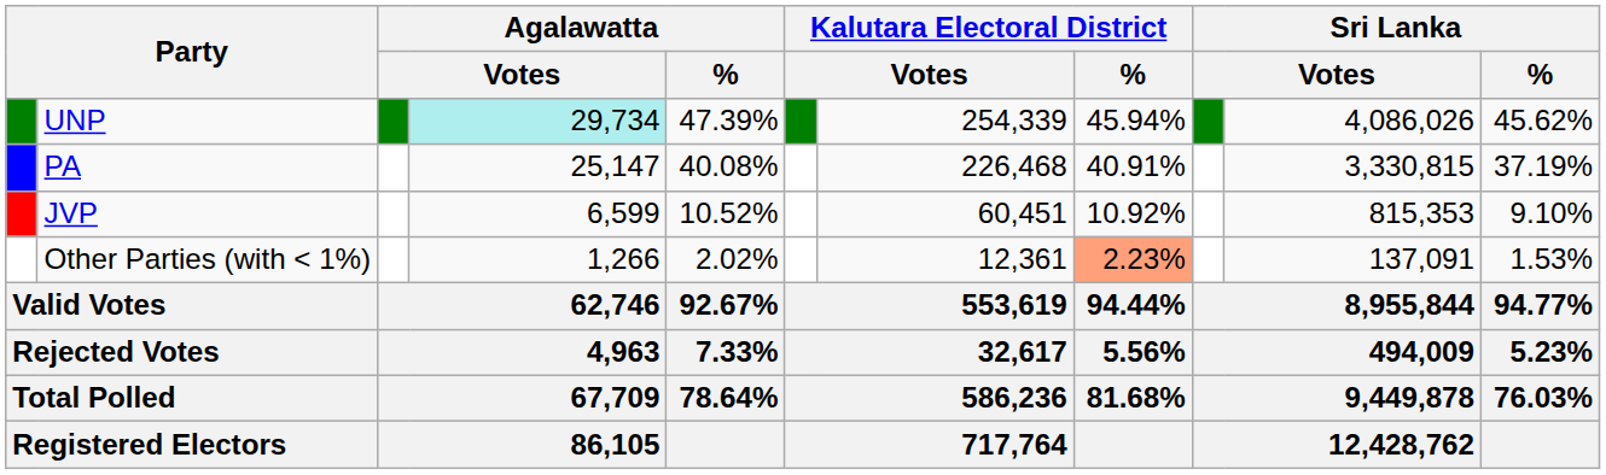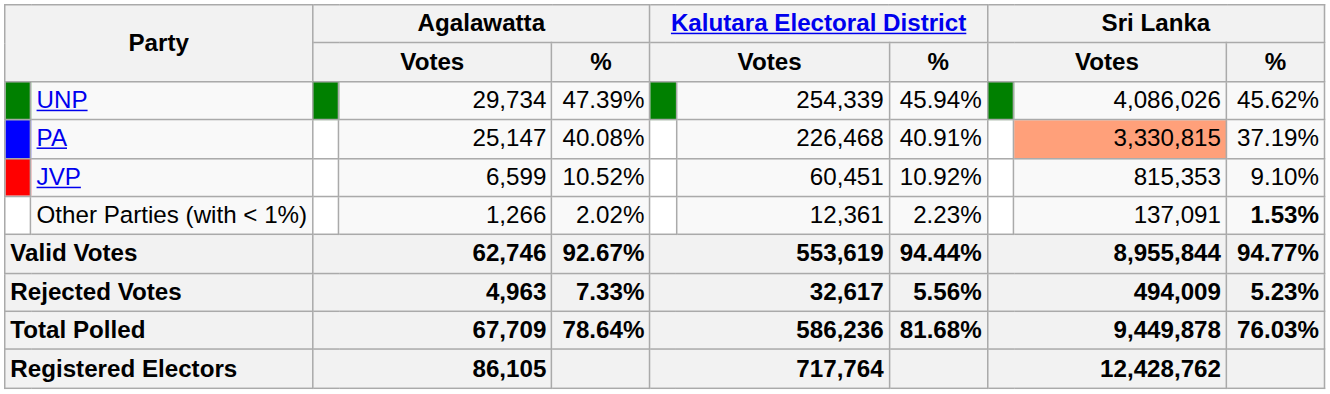 <table class="wikitable">
 <tr>
 <th colspan="2" width="144px"rowspan="2">Party</th>
 <th colspan="3" width="216px">Agalawatta</th>
 <th colspan="3" width="216px"><a href='#'>Kalutara Electoral District</a></th>
 <th colspan="3" width="216px">Sri Lanka</th>
 </tr>
 <tr>
 <th colspan="2" width="144px">Votes</th>
 <th>%</th>
 <th colspan="2" width="144px">Votes</th>
 <th>%</th>
 <th colspan="2" width="144px">Votes</th>
 <th>%</th>
 </tr>
 <tr>
 <td style="background-color:green;" width="10px"></td>
 <td style="text-align:left;"><a href='#'>UNP</a></td>
 <td style="background-color:green;" width="10px"></td>
-<td style="background: paleturquoise; text-align:right;">29,734</td>
+<td style="text-align:right;">29,734</td>
 <td style="text-align:right;">47.39%</td>
 <td style="background-color:green;" width="10px"></td>
 <td style="text-align:right;">254,339</td>
 <td style="text-align:right;">45.94%</td>
 <td style="background-color:green;" width="10px"></td>
 <td style="text-align:right;">4,086,026</td>
 <td style="text-align:right;">45.62%</td>
 </tr>
 <tr>
 <td style="background-color:blue;" width="10px"></td>
 <td style="text-align:left;"><a href='#'>PA</a></td>
 <td style="background-color:white;" width="10px"></td>
 <td style="text-align:right;">25,147</td>
 <td style="text-align:right;">40.08%</td>
 <td style="background-color:white;" width="10px"></td>
 <td style="text-align:right;">226,468</td>
 <td style="text-align:right;">40.91%</td>
 <td style="background-color:white;" width="10px"></td>
-<td style="text-align:right;">3,330,815</td>
+<td style="background: lightsalmon; text-align:right;">3,330,815</td>
 <td style="text-align:right;">37.19%</td>
 </tr>
 <tr>
 <td style="background-color:red;" width="10px"></td>
 <td style="text-align:left;"><a href='#'>JVP</a></td>
 <td style="background-color:white;" width="10px"></td>
 <td style="text-align:right;">6,599</td>
 <td style="text-align:right;">10.52%</td>
 <td style="background-color:white;" width="10px"></td>
 <td style="text-align:right;">60,451</td>
 <td style="text-align:right;">10.92%</td>
 <td style="background-color:white;" width="10px"></td>
 <td style="text-align:right;">815,353</td>
 <td style="text-align:right;">9.10%</td>
 </tr>
 <tr>
 <td style="background-color:white;" width="10px"></td>
 <td style="text-align:left;">Other Parties (with < 1%)</td>
 <td style="background-color:white;" width="10px"></td>
 <td style="text-align:right;">1,266</td>
 <td style="text-align:right;">2.02%</td>
 <td style="background-color:white;" width="10px"></td>
 <td style="text-align:right;">12,361</td>
-<td style="background: lightsalmon; text-align:right;">2.23%</td>
+<td style="text-align:right;">2.23%</td>
 <td style="background-color:white;" width="10px"></td>
 <td style="text-align:right;">137,091</td>
-<td style="text-align:right;">1.53%</td>
+<td style="text-align:right;"><strong>1.53%</strong></td>
 </tr>
 <tr>
 <th colspan="2" width="144px"style="text-align:left;">Valid Votes</th>
 <th style="text-align:right;"colspan="2" width="144px">62,746</th>
 <th style="text-align:right;">92.67%</th>
 <th style="text-align:right;"colspan="2" width="144px">553,619</th>
 <th style="text-align:right;">94.44%</th>
 <th style="text-align:right;"colspan="2" width="144px">8,955,844</th>
 <th style="text-align:right;">94.77%</th>
 </tr>
 <tr>
 <th colspan="2" width="144px"style="text-align:left;">Rejected Votes</th>
 <th style="text-align:right;"colspan="2" width="144px">4,963</th>
 <th style="text-align:right;">7.33%</th>
 <th style="text-align:right;"colspan="2" width="144px">32,617</th>
 <th style="text-align:right;">5.56%</th>
 <th style="text-align:right;"colspan="2" width="144px">494,009</th>
 <th style="text-align:right;">5.23%</th>
 </tr>
 <tr>
 <th colspan="2" width="144px"style="text-align:left;">Total Polled</th>
 <th style="text-align:right;"colspan="2" width="144px">67,709</th>
 <th style="text-align:right;">78.64%</th>
 <th style="text-align:right;"colspan="2" width="144px">586,236</th>
 <th style="text-align:right;">81.68%</th>
 <th style="text-align:right;"colspan="2" width="144px">9,449,878</th>
 <th style="text-align:right;">76.03%</th>
 </tr>
 <tr>
 <th colspan="2" width="144px"style="text-align:left;">Registered Electors</th>
 <th style="text-align:right;"colspan="2" width="144px">86,105</th>
 <th></th>
 <th style="text-align:right;"colspan="2" width="144px">717,764</th>
 <th></th>
 <th style="text-align:right;"colspan="2" width="144px">12,428,762</th>
 <th></th>
 </tr>
 </table>
